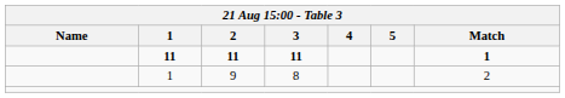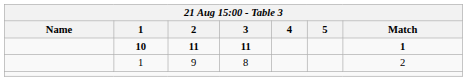 <table class=wikitable style="text-align:center; width: 55%">
 <tr>
 <th colspan=17><em>21 Aug 15:00 - Table 3</em></th>
 </tr>
 <tr>
 <th>Name</th>
 <th>1</th>
 <th>2</th>
 <th>3</th>
 <th>4</th>
 <th>5</th>
 <th>Match</th>
 </tr>
 <tr>
 <td style="text-align:left;"><strong></strong></td>
-<td><strong>11</strong></td>
+<td><strong>10</strong></td>
 <td><strong>11</strong></td>
 <td><strong>11</strong></td>
 <td></td>
 <td></td>
 <td><strong>1</strong></td>
 </tr>
 <tr>
 <td style="text-align:left;"></td>
 <td>1</td>
 <td>9</td>
 <td>8</td>
 <td></td>
 <td></td>
 <td>2</td>
 </tr>
 <tr>
 <td colspan=17></td>
 </tr>
 </table>
